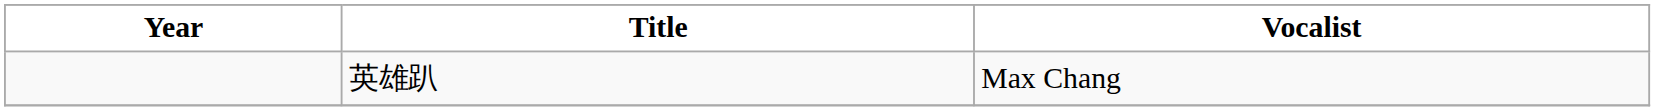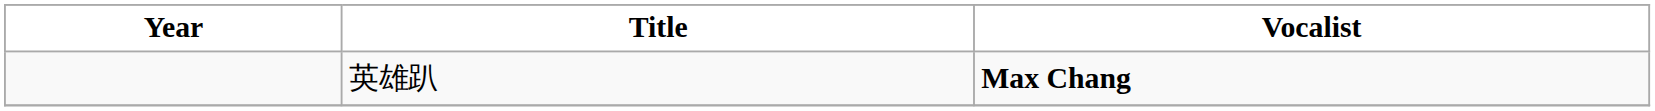 <table class="wikitable" width="70%">
 <tr style="background:#FFF; color:#000" align=center>
 <td style="width:8%"><strong>Year</strong></td>
 <td style="width:15%"><strong>Title</strong></td>
 <td style="width:16%"><strong>Vocalist</strong></td>
 </tr>
 <tr>
 <td></td>
 <td>英雄趴</td>
-<td>Max Chang</td>
+<td><strong>Max Chang</strong></td>
 </tr>
 <tr>
 </tr>
 </table>
